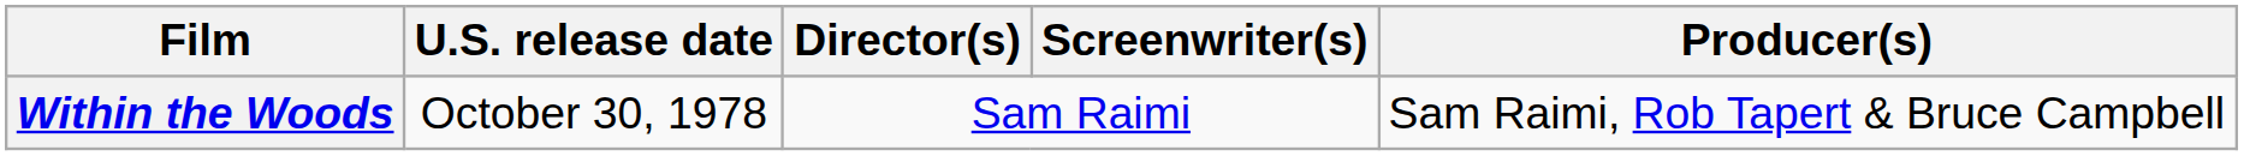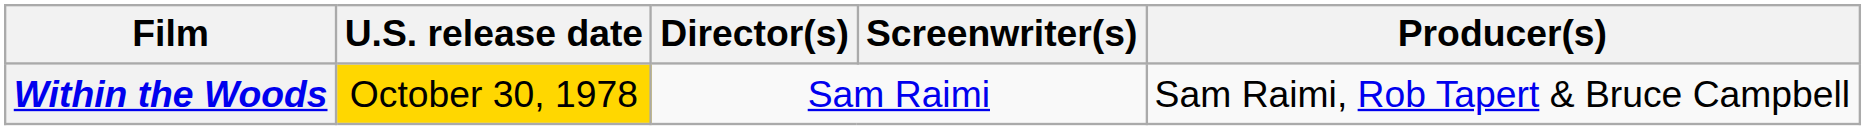 <table class="wikitable plainrowheaders" style="text-align:center;">
 <tr>
 <th>Film</th>
 <th>U.S. release date</th>
 <th>Director(s)</th>
 <th>Screenwriter(s)</th>
 <th>Producer(s)</th>
 </tr>
 <tr>
 <th scope="row"><em><a href='#'>Within the Woods</a></em></th>
-<td>October 30, 1978</td>
+<td style="background: gold;">October 30, 1978</td>
 <td colspan="2"><a href='#'>Sam Raimi</a></td>
 <td>Sam Raimi, <a href='#'>Rob Tapert</a> & Bruce Campbell</td>
 </tr>
 </table>
